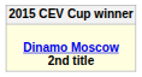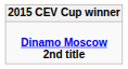 <table class=wikitable style="text-align:center; margin:auto">
 <tr>
 <th>2015 CEV Cup winner</th>
 </tr>
 <tr>
-<td style="background: lightyellow;"><br><strong><a href='#'>Dinamo Moscow</a></strong><br> <strong>2nd title</strong></td>
+<td><br><strong><a href='#'>Dinamo Moscow</a></strong><br> <strong>2nd title</strong></td>
 </tr>
 </table>
